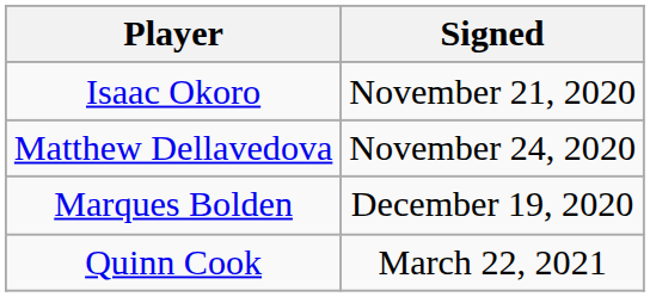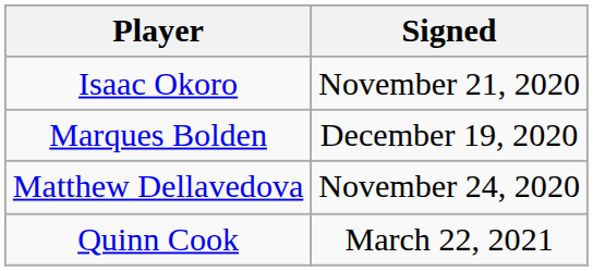 <table class="wikitable sortable sortable" style="text-align: center">
 <tr>
 <th>Player</th>
 <th>Signed</th>
 </tr>
 <tr>
 <td><a href='#'>Isaac Okoro</a></td>
 <td>November 21, 2020</td>
 </tr>
 <tr>
+<td><a href='#'>Marques Bolden</a></td>
+<td>December 19, 2020</td>
+</tr>
+<tr>
 <td><a href='#'>Matthew Dellavedova</a></td>
 <td>November 24, 2020</td>
-</tr>
-<tr>
-<td><a href='#'>Marques Bolden</a></td>
-<td>December 19, 2020</td>
 </tr>
 <tr>
 <td><a href='#'>Quinn Cook</a></td>
 <td>March 22, 2021</td>
 </tr>
 </table>
